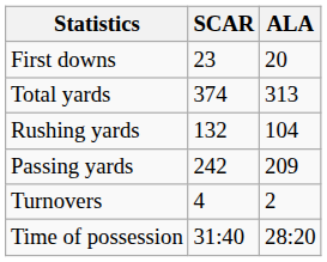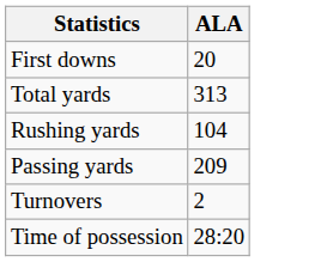 <table class="wikitable" style="float: left;">
 <tr>
 <th>Statistics</th>
-<th>SCAR</th>
 <th>ALA</th>
 </tr>
 <tr>
 <td>First downs</td>
-<td>23</td>
 <td>20</td>
 </tr>
 <tr>
 <td>Total yards</td>
-<td>374</td>
 <td>313</td>
 </tr>
 <tr>
 <td>Rushing yards</td>
-<td>132</td>
 <td>104</td>
 </tr>
 <tr>
 <td>Passing yards</td>
-<td>242</td>
 <td>209</td>
 </tr>
 <tr>
 <td>Turnovers</td>
-<td>4</td>
 <td>2</td>
 </tr>
 <tr>
 <td>Time of possession</td>
-<td>31:40</td>
 <td>28:20</td>
 </tr>
 </table>
